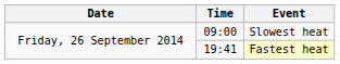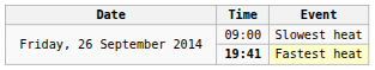 <table class = "wikitable" style="text-align:center;">
 <tr>
 <th width=220>Date</th>
 <th width=50>Time</th>
 <th width=100>Event</th>
 </tr>
 <tr>
 <td rowspan=2>Friday, 26 September 2014</td>
 <td>09:00</td>
 <td>Slowest heat</td>
 </tr>
 <tr>
-<td>19:41</td>
+<td><strong>19:41</strong></td>
 <td bgcolor=ffffcc>Fastest heat</td>
 </tr>
 </table>
